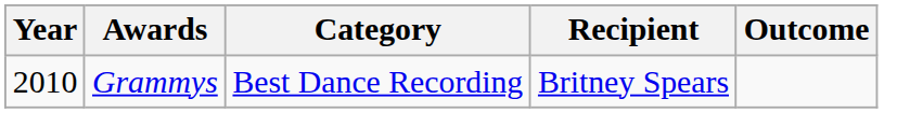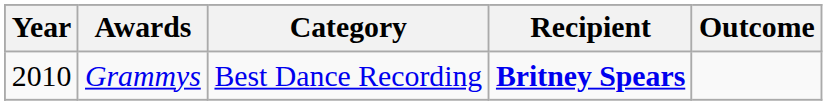 <table class="wikitable sortable">
 <tr>
 <th>Year</th>
 <th>Awards</th>
 <th>Category</th>
 <th>Recipient</th>
 <th>Outcome</th>
 </tr>
 <tr>
 <td rowspan="4">2010</td>
 <td rowspan="2"><em><a href='#'> Grammys</a></em></td>
 <td><a href='#'>Best Dance Recording</a></td>
-<td><a href='#'>Britney Spears</a></td>
+<td><strong><a href='#'>Britney Spears</a></strong></td>
 <td></td>
 </tr>
 </table>
